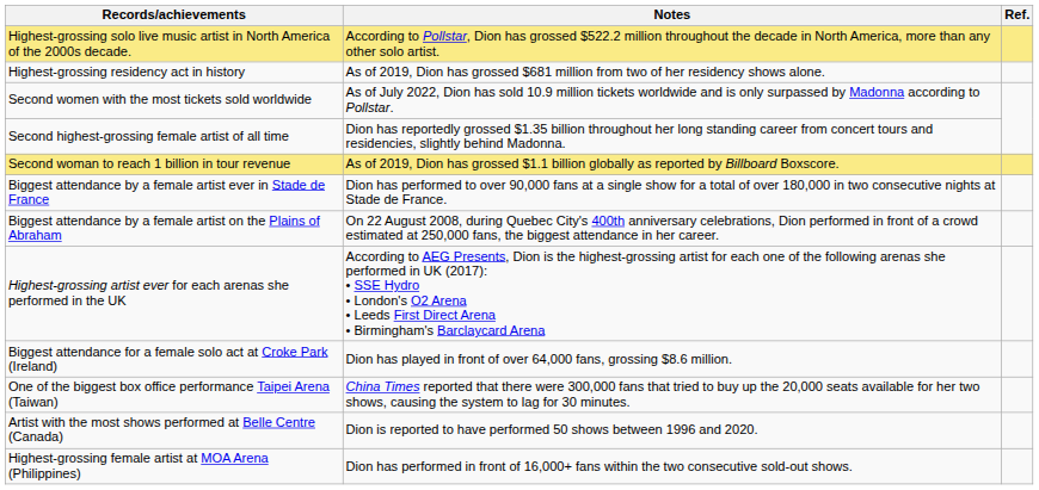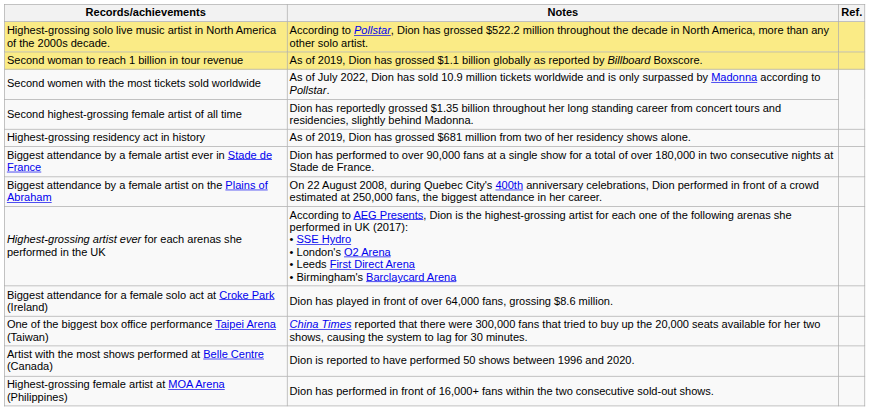 <table class="wikitable" style="text-align:left;">
 <tr>
 <th>Records/achievements</th>
 <th>Notes</th>
 <th>Ref.</th>
 </tr>
 <tr scope="row" style="background:#FAEB86">
 <td>Highest-grossing solo live music artist in North America of the 2000s decade.</td>
 <td>According to <em><a href='#'>Pollstar</a></em>, Dion has grossed $522.2 million throughout the decade in North America, more than any other solo artist.</td>
 <td></td>
 </tr>
-<tr>
-<td>Highest-grossing residency act in history</td>
-<td>As of 2019, Dion has grossed $681 million from two of her residency shows alone.</td>
+<tr scope="row" style="background:#FAEB86">
+<td>Second woman to reach 1 billion in tour revenue</td>
+<td>As of 2019, Dion has grossed $1.1 billion globally as reported by <em>Billboard</em> Boxscore.</td>
 <td></td>
 </tr>
 <tr>
 <td>Second women with the most tickets sold worldwide</td>
 <td>As of July 2022, Dion has sold 10.9 million tickets worldwide and is only surpassed by <a href='#'>Madonna</a> according to <em>Pollstar</em>.</td>
 <td rowspan="2"></td>
 </tr>
 <tr>
 <td>Second highest-grossing female artist of all time</td>
 <td>Dion has reportedly grossed $1.35 billion throughout her long standing career from concert tours and residencies, slightly behind Madonna.</td>
 </tr>
-<tr scope="row" style="background:#FAEB86">
-<td>Second woman to reach 1 billion in tour revenue</td>
-<td>As of 2019, Dion has grossed $1.1 billion globally as reported by <em>Billboard</em> Boxscore.</td>
+<tr>
+<td>Highest-grossing residency act in history</td>
+<td>As of 2019, Dion has grossed $681 million from two of her residency shows alone.</td>
 <td></td>
 </tr>
 <tr>
 <td>Biggest attendance by a female artist ever in <a href='#'>Stade de France</a></td>
 <td>Dion has performed to over 90,000 fans at a single show for a total of over 180,000 in two consecutive nights at Stade de France.</td>
 <td></td>
 </tr>
 <tr>
 <td>Biggest attendance by a female artist on the <a href='#'>Plains of Abraham</a></td>
 <td>On 22 August 2008, during Quebec City's <a href='#'>400th</a> anniversary celebrations, Dion performed in front of a crowd estimated at 250,000 fans, the biggest attendance in her career.</td>
 <td></td>
 </tr>
 <tr>
 <td><em>Highest-grossing artist ever</em> for each arenas she performed in the UK</td>
 <td>According to <a href='#'>AEG Presents</a>, Dion is the highest-grossing artist for each one of the following arenas she performed in UK (2017):<br>• <a href='#'>SSE Hydro</a><br> • London's <a href='#'>O2 Arena</a><br> • Leeds <a href='#'>First Direct Arena</a><br> • Birmingham's <a href='#'>Barclaycard Arena</a></td>
 <td></td>
 </tr>
 <tr>
 <td>Biggest attendance for a female solo act at <a href='#'>Croke Park</a> (Ireland)</td>
 <td>Dion has played in front of over 64,000 fans, grossing $8.6 million.</td>
 <td></td>
 </tr>
 <tr>
 <td>One of the biggest box office performance <a href='#'>Taipei Arena</a> (Taiwan)</td>
 <td><em><a href='#'>China Times</a></em> reported that there were 300,000 fans that tried to buy up the 20,000 seats available for her two shows, causing the system to lag for 30 minutes.</td>
 <td></td>
 </tr>
 <tr>
 <td>Artist with the most shows performed at <a href='#'>Belle Centre</a> (Canada)</td>
 <td>Dion is reported to have performed 50 shows between 1996 and 2020.</td>
 <td></td>
 </tr>
 <tr>
 <td>Highest-grossing female artist at <a href='#'>MOA Arena</a> (Philippines)</td>
 <td>Dion has performed in front of 16,000+ fans within the two consecutive sold-out shows.</td>
 <td></td>
 </tr>
 </table>
